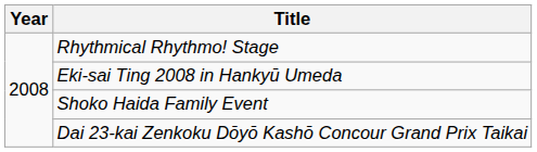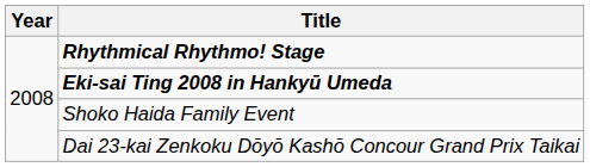 <table class="wikitable">
 <tr>
 <th>Year</th>
 <th>Title</th>
 </tr>
 <tr>
 <td rowspan="4">2008</td>
-<td><em>Rhythmical Rhythmo! Stage</em></td>
+<td><strong><em>Rhythmical Rhythmo! Stage</em></strong></td>
 </tr>
 <tr>
-<td><em>Eki-sai Ting 2008 in Hankyū Umeda</em></td>
+<td><strong><em>Eki-sai Ting 2008 in Hankyū Umeda</em></strong></td>
 </tr>
 <tr>
 <td><em>Shoko Haida Family Event</em></td>
 </tr>
 <tr>
 <td><em>Dai 23-kai Zenkoku Dōyō Kashō Concour Grand Prix Taikai</em></td>
 </tr>
 </table>
